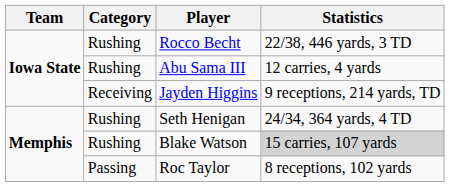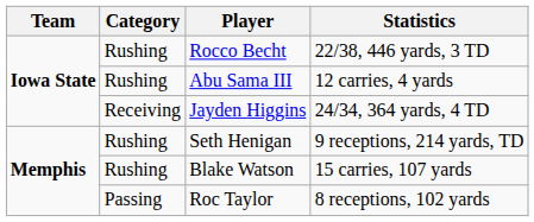 <table class="wikitable" style="float: right;">
 <tr>
 <th>Team</th>
 <th>Category</th>
 <th>Player</th>
 <th>Statistics</th>
 </tr>
 <tr>
 <td rowspan=3><strong>Iowa State</strong></td>
 <td>Rushing</td>
 <td><a href='#'>Rocco Becht</a></td>
 <td>22/38, 446 yards, 3 TD</td>
 </tr>
 <tr>
 <td>Rushing</td>
 <td><a href='#'>Abu Sama III</a></td>
 <td>12 carries, 4 yards</td>
 </tr>
 <tr>
 <td>Receiving</td>
 <td><a href='#'>Jayden Higgins</a></td>
-<td>9 receptions, 214 yards, TD</td>
+<td>24/34, 364 yards, 4 TD</td>
 </tr>
 <tr>
 <td rowspan=3><strong>Memphis</strong></td>
 <td>Rushing</td>
 <td>Seth Henigan</td>
-<td>24/34, 364 yards, 4 TD</td>
+<td>9 receptions, 214 yards, TD</td>
 </tr>
 <tr>
 <td>Rushing</td>
 <td>Blake Watson</td>
-<td style="background: lightgrey;">15 carries, 107 yards</td>
+<td>15 carries, 107 yards</td>
 </tr>
 <tr>
 <td>Passing</td>
 <td>Roc Taylor</td>
 <td>8 receptions, 102 yards</td>
 </tr>
 </table>
